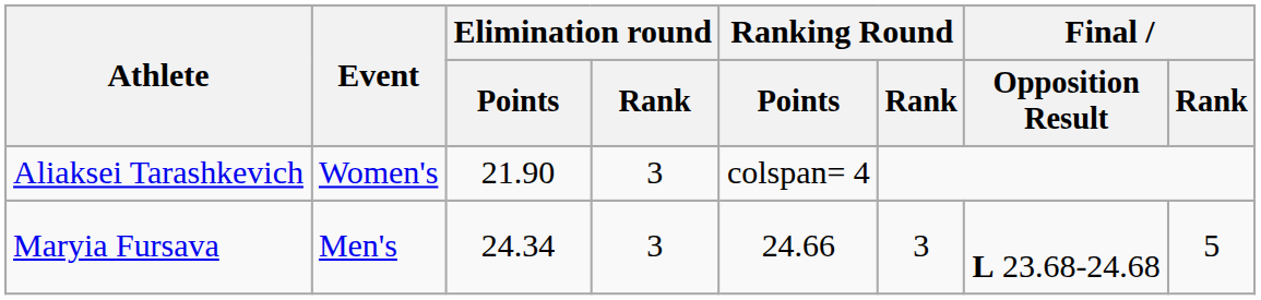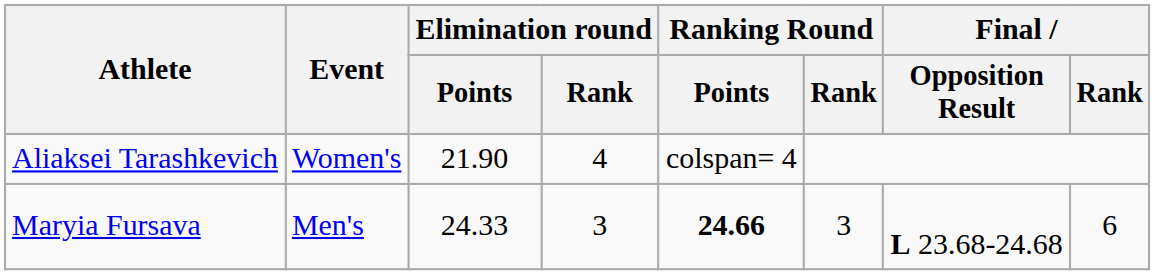 <table class="wikitable" style="text-align:center; font-size:90%">
 <tr>
 <th rowspan=2>Athlete</th>
 <th rowspan=2>Event</th>
 <th colspan=2>Elimination round</th>
 <th colspan=2>Ranking Round</th>
 <th colspan=2>Final / </th>
 </tr>
 <tr style="font-size:95%">
 <th>Points</th>
 <th>Rank</th>
 <th>Points</th>
 <th>Rank</th>
 <th>Opposition<br>Result</th>
 <th>Rank</th>
 </tr>
 <tr>
 <td align=left><a href='#'>Aliaksei Tarashkevich</a></td>
 <td align=left><a href='#'>Women's</a></td>
 <td>21.90</td>
-<td>3</td>
+<td>4</td>
 <td>colspan= 4</td>
 </tr>
 <tr>
 <td align=left><a href='#'>Maryia Fursava </a></td>
 <td align=left><a href='#'>Men's</a></td>
-<td>24.34</td>
+<td>24.33</td>
 <td>3</td>
-<td>24.66</td>
+<td><strong>24.66</strong></td>
 <td>3</td>
 <td><br><strong>L</strong> 23.68-24.68</td>
-<td>5</td>
+<td>6</td>
 </tr>
 </table>
